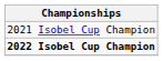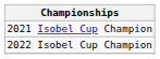 <table class="wikitable">
 <tr>
 <th>Championships</th>
 </tr>
 <tr>
 <td>2021 <a href='#'>Isobel Cup</a> Champion</td>
 </tr>
 <tr>
-<td><strong>2022 Isobel Cup Champion</strong></td>
+<td>2022 Isobel Cup Champion</td>
 </tr>
 <tr>
 </tr>
 </table>
